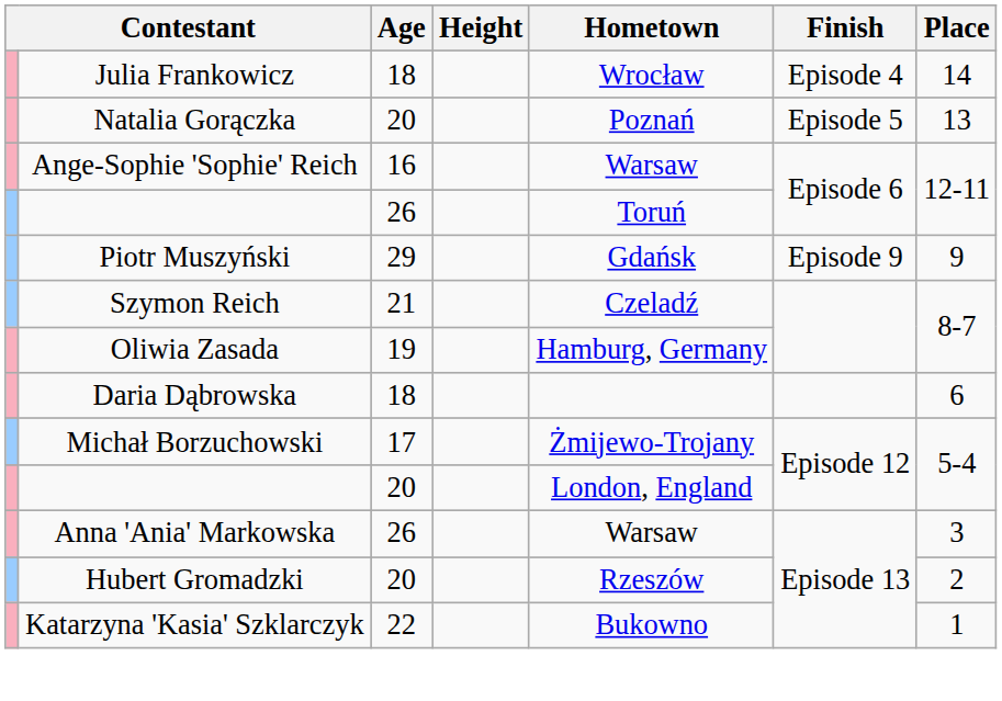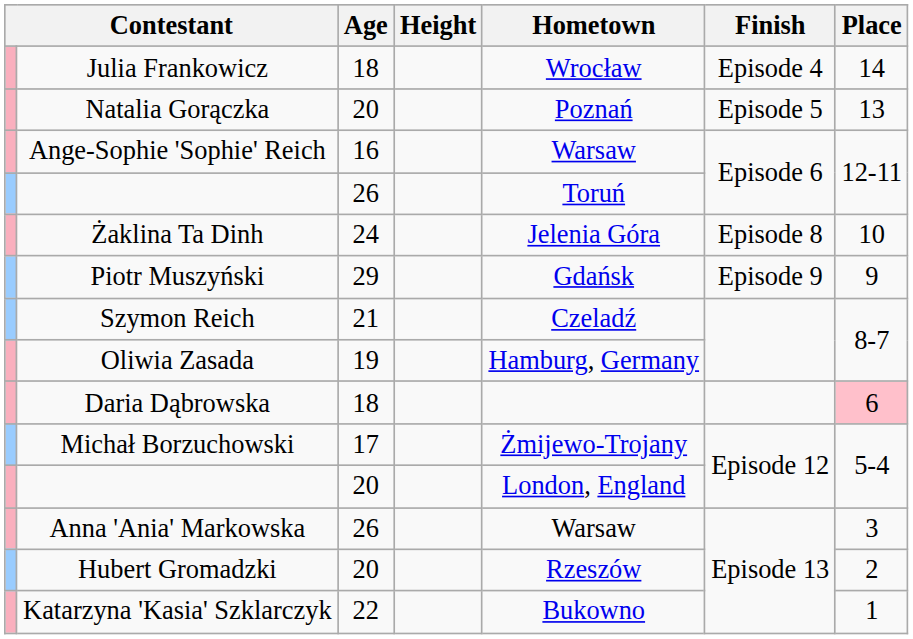 <table class="wikitable sortable" style="text-align:center;">
 <tr>
 <th colspan="2">Contestant</th>
 <th>Age</th>
 <th>Height</th>
 <th>Hometown</th>
 <th>Finish</th>
 <th>Place</th>
 </tr>
 <tr>
 <td style="background:#faafbe"></td>
 <td>Julia Frankowicz</td>
 <td>18</td>
 <td></td>
 <td><a href='#'>Wrocław</a></td>
 <td>Episode 4</td>
 <td>14</td>
 </tr>
 <tr>
 <td style="background:#faafbe"></td>
 <td>Natalia Gorączka</td>
 <td>20</td>
 <td></td>
 <td><a href='#'>Poznań</a></td>
 <td>Episode 5</td>
 <td>13</td>
 </tr>
 <tr>
 <td style="background:#faafbe"></td>
 <td>Ange-Sophie 'Sophie' Reich</td>
 <td>16</td>
 <td></td>
 <td><a href='#'>Warsaw</a></td>
 <td rowspan="2">Episode 6</td>
 <td rowspan="2">12-11</td>
 </tr>
 <tr>
 <td style="background:#9cf;"></td>
 <td></td>
 <td>26</td>
 <td></td>
 <td><a href='#'>Toruń</a></td>
 </tr>
 <tr>
+<td style="background:#faafbe"></td>
+<td>Żaklina Ta Dinh</td>
+<td>24</td>
+<td nowrap></td>
+<td><a href='#'>Jelenia Góra</a></td>
+<td>Episode 8</td>
+<td>10</td>
+</tr>
+<tr>
 <td style="background:#9cf;"></td>
 <td>Piotr Muszyński</td>
 <td>29</td>
 <td></td>
 <td><a href='#'>Gdańsk</a></td>
 <td>Episode 9</td>
 <td>9</td>
 </tr>
 <tr>
 <td style="background:#9cf;"></td>
 <td>Szymon Reich</td>
 <td>21</td>
 <td nowrap></td>
 <td><a href='#'>Czeladź</a></td>
 <td rowspan="2"></td>
 <td rowspan="2">8-7</td>
 </tr>
 <tr>
 <td style="background:#faafbe"></td>
 <td>Oliwia Zasada</td>
 <td>19</td>
 <td></td>
 <td><a href='#'>Hamburg</a>, <a href='#'>Germany</a></td>
 </tr>
 <tr>
 <td style="background:#faafbe"></td>
 <td>Daria Dąbrowska</td>
 <td>18</td>
 <td></td>
 <td></td>
 <td></td>
-<td>6</td>
+<td style="background: pink;">6</td>
 </tr>
 <tr>
 <td style="background:#9cf;"></td>
 <td>Michał Borzuchowski</td>
 <td>17</td>
 <td></td>
 <td><a href='#'>Żmijewo-Trojany</a></td>
 <td rowspan="2">Episode 12</td>
 <td rowspan="2">5-4</td>
 </tr>
 <tr>
 <td style="background:#faafbe"></td>
 <td></td>
 <td>20</td>
 <td nowrap></td>
 <td><a href='#'>London</a>, <a href='#'>England</a></td>
 </tr>
 <tr>
 <td style="background:#faafbe"></td>
 <td>Anna 'Ania' Markowska</td>
 <td>26</td>
 <td></td>
 <td>Warsaw</td>
 <td rowspan="3">Episode 13</td>
 <td>3</td>
 </tr>
 <tr>
 <td style="background:#9cf;"></td>
 <td>Hubert Gromadzki</td>
 <td>20</td>
 <td></td>
 <td><a href='#'>Rzeszów</a></td>
 <td>2</td>
 </tr>
 <tr>
 <td style="background:#faafbe"></td>
 <td>Katarzyna 'Kasia' Szklarczyk</td>
 <td>22</td>
 <td></td>
 <td><a href='#'>Bukowno</a></td>
 <td>1</td>
 </tr>
 </table>
